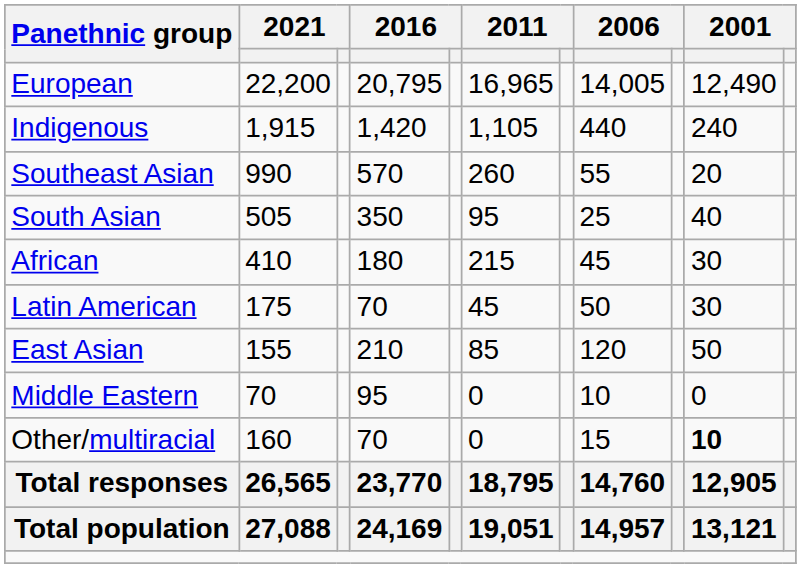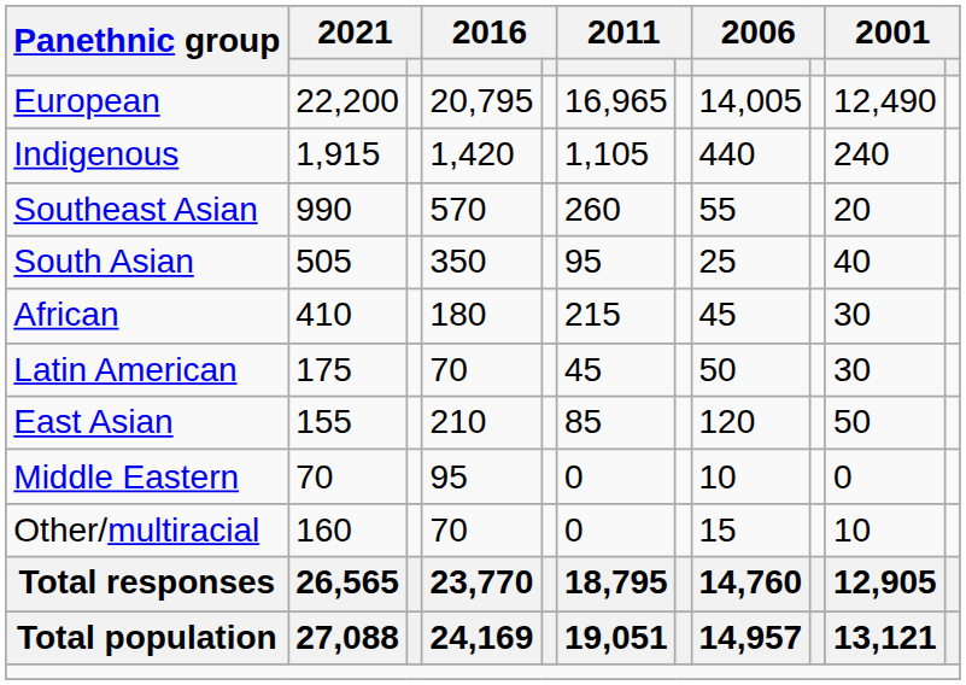 <table class="wikitable collapsible sortable">
 <tr>
 <th rowspan="2"><a href='#'>Panethnic</a> group</th>
 <th colspan="2">2021</th>
 <th colspan="2">2016</th>
 <th colspan="2">2011</th>
 <th colspan="2">2006</th>
 <th colspan="2">2001</th>
 </tr>
 <tr>
 <th><a href='#'></a></th>
 <th></th>
 <th></th>
 <th></th>
 <th></th>
 <th></th>
 <th></th>
 <th></th>
 <th></th>
 <th></th>
 </tr>
 <tr>
 <td><a href='#'>European</a></td>
 <td>22,200</td>
 <td></td>
 <td>20,795</td>
 <td></td>
 <td>16,965</td>
 <td></td>
 <td>14,005</td>
 <td></td>
 <td>12,490</td>
 <td></td>
 </tr>
 <tr>
 <td><a href='#'>Indigenous</a></td>
 <td>1,915</td>
 <td></td>
 <td>1,420</td>
 <td></td>
 <td>1,105</td>
 <td></td>
 <td>440</td>
 <td></td>
 <td>240</td>
 <td></td>
 </tr>
 <tr>
 <td><a href='#'>Southeast Asian</a></td>
 <td>990</td>
 <td></td>
 <td>570</td>
 <td></td>
 <td>260</td>
 <td></td>
 <td>55</td>
 <td></td>
 <td>20</td>
 <td></td>
 </tr>
 <tr>
 <td><a href='#'>South Asian</a></td>
 <td>505</td>
 <td></td>
 <td>350</td>
 <td></td>
 <td>95</td>
 <td></td>
 <td>25</td>
 <td></td>
 <td>40</td>
 <td></td>
 </tr>
 <tr>
 <td><a href='#'>African</a></td>
 <td>410</td>
 <td></td>
 <td>180</td>
 <td></td>
 <td>215</td>
 <td></td>
 <td>45</td>
 <td></td>
 <td>30</td>
 <td></td>
 </tr>
 <tr>
 <td><a href='#'>Latin American</a></td>
 <td>175</td>
 <td></td>
 <td>70</td>
 <td></td>
 <td>45</td>
 <td></td>
 <td>50</td>
 <td></td>
 <td>30</td>
 <td></td>
 </tr>
 <tr>
 <td><a href='#'>East Asian</a></td>
 <td>155</td>
 <td></td>
 <td>210</td>
 <td></td>
 <td>85</td>
 <td></td>
 <td>120</td>
 <td></td>
 <td>50</td>
 <td></td>
 </tr>
 <tr>
 <td><a href='#'>Middle Eastern</a></td>
 <td>70</td>
 <td></td>
 <td>95</td>
 <td></td>
 <td>0</td>
 <td></td>
 <td>10</td>
 <td></td>
 <td>0</td>
 <td></td>
 </tr>
 <tr>
 <td>Other/<a href='#'>multiracial</a></td>
 <td>160</td>
 <td></td>
 <td>70</td>
 <td></td>
 <td>0</td>
 <td></td>
 <td>15</td>
 <td></td>
-<td><strong>10</strong></td>
+<td>10</td>
 <td></td>
 </tr>
 <tr>
 <th>Total responses</th>
 <th>26,565</th>
 <th></th>
 <th>23,770</th>
 <th></th>
 <th>18,795</th>
 <th></th>
 <th>14,760</th>
 <th></th>
 <th>12,905</th>
 <th></th>
 </tr>
 <tr class="sortbottom">
 <th>Total population</th>
 <th>27,088</th>
 <th></th>
 <th>24,169</th>
 <th></th>
 <th>19,051</th>
 <th></th>
 <th>14,957</th>
 <th></th>
 <th>13,121</th>
 <th></th>
 </tr>
 <tr class="sortbottom">
 <td colspan="11"></td>
 </tr>
 </table>
